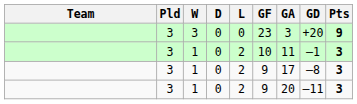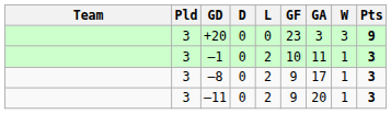 <table class="wikitable" style="text-align:center;">
 <tr>
 <th width=165>Team</th>
 <th width=20>Pld</th>
-<th width=20>W</th>
+<th width=20>GD</th>
 <th width=20>D</th>
 <th width=20>L</th>
 <th width=20>GF</th>
 <th width=20>GA</th>
-<th width=20>GD</th>
+<th width=20>W</th>
 <th width=20>Pts</th>
 </tr>
 <tr style="background:#cfc;">
 <td style="text-align:left;"></td>
 <td>3</td>
-<td>3</td>
+<td>+20</td>
 <td>0</td>
 <td>0</td>
 <td>23</td>
 <td>3</td>
-<td>+20</td>
+<td>3</td>
 <td><strong>9</strong></td>
 </tr>
 <tr style="background:#cfc;">
 <td style="text-align:left;"></td>
 <td>3</td>
-<td>1</td>
+<td>–1</td>
 <td>0</td>
 <td>2</td>
 <td>10</td>
 <td>11</td>
-<td>–1</td>
+<td>1</td>
 <td><strong>3</strong></td>
 </tr>
 <tr>
 <td style="text-align:left;"></td>
 <td>3</td>
-<td>1</td>
+<td>–8</td>
 <td>0</td>
 <td>2</td>
 <td>9</td>
 <td>17</td>
-<td>–8</td>
+<td>1</td>
 <td><strong>3</strong></td>
 </tr>
 <tr>
 <td style="text-align:left;"></td>
 <td>3</td>
-<td>1</td>
+<td>–11</td>
 <td>0</td>
 <td>2</td>
 <td>9</td>
 <td>20</td>
-<td>–11</td>
+<td>1</td>
 <td><strong>3</strong></td>
 </tr>
 </table>
